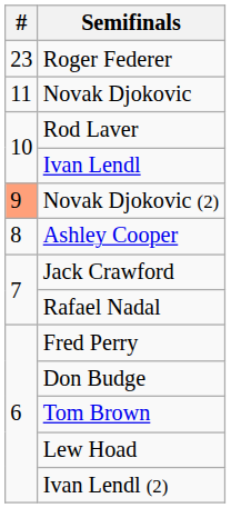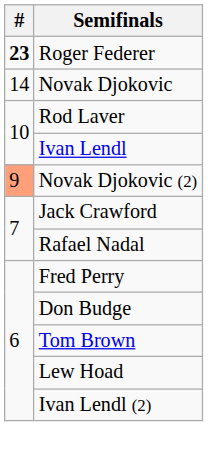 <table class=wikitable style="display:inline-table;">
 <tr>
 <th>#</th>
 <th>Semifinals</th>
 </tr>
 <tr>
-<td>23</td>
+<td><strong>23</strong></td>
 <td> Roger Federer</td>
 </tr>
 <tr>
-<td>11</td>
+<td>14</td>
 <td> Novak Djokovic</td>
 </tr>
 <tr>
 <td rowspan="2">10</td>
 <td> Rod Laver</td>
 </tr>
 <tr>
 <td> <a href='#'>Ivan Lendl</a></td>
 </tr>
 <tr>
 <td style="background: lightsalmon;">9</td>
 <td> Novak Djokovic <small>(2)</small></td>
-</tr>
-<tr>
-<td>8</td>
-<td> <a href='#'>Ashley Cooper</a></td>
 </tr>
 <tr>
 <td rowspan="2">7</td>
 <td> Jack Crawford</td>
 </tr>
 <tr>
 <td> Rafael Nadal</td>
 </tr>
 <tr>
 <td rowspan="5">6</td>
 <td> Fred Perry</td>
 </tr>
 <tr>
 <td> Don Budge</td>
 </tr>
 <tr>
 <td> <a href='#'>Tom Brown</a></td>
 </tr>
 <tr>
 <td> Lew Hoad</td>
 </tr>
 <tr>
 <td> Ivan Lendl <small>(2)</small></td>
 </tr>
 </table>
